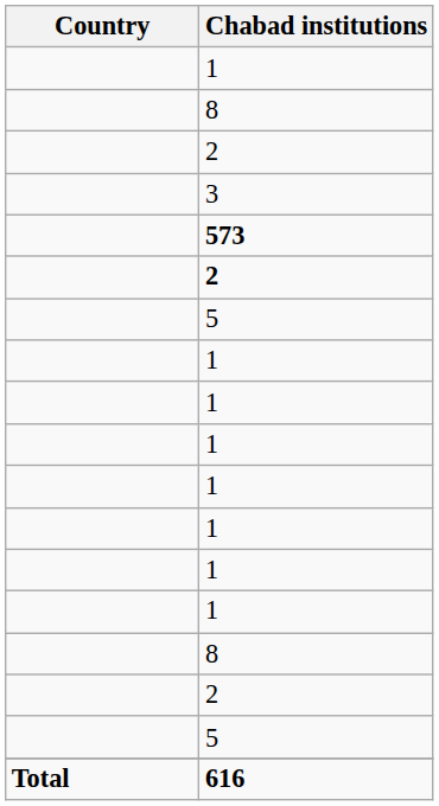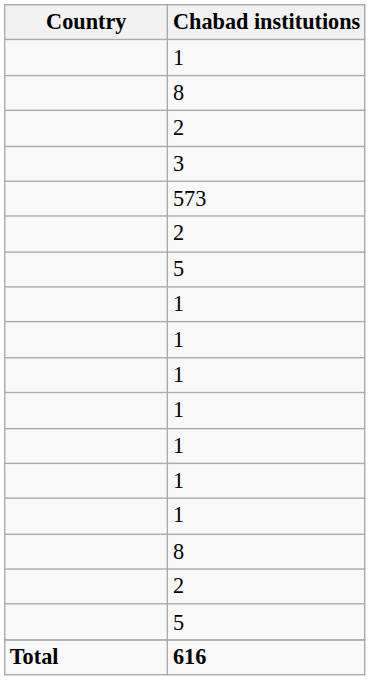 <table class="wikitable sortable">
 <tr>
 <th style="width:110px;">Country</th>
 <th data-sort-type="number">Chabad institutions</th>
 </tr>
 <tr>
 <td style="text-align:left;"></td>
 <td>1</td>
 </tr>
 <tr>
 <td style="text-align:left;"></td>
 <td>8</td>
 </tr>
 <tr>
 <td style="text-align:left;"></td>
 <td>2</td>
 </tr>
 <tr>
 <td style="text-align:left;"></td>
 <td>3</td>
 </tr>
 <tr>
 <td style="text-align:left;"></td>
-<td><strong>573</strong></td>
+<td>573</td>
 </tr>
 <tr>
 <td style="text-align:left;"></td>
-<td><strong>2</strong></td>
+<td>2</td>
 </tr>
 <tr>
 <td style="text-align:left;"></td>
 <td>5</td>
 </tr>
 <tr>
 <td style="text-align:left;"></td>
 <td>1</td>
 </tr>
 <tr>
 <td style="text-align:left;"></td>
 <td>1</td>
 </tr>
 <tr>
 <td style="text-align:left;"></td>
 <td>1</td>
 </tr>
 <tr>
 <td style="text-align:left;"></td>
 <td>1</td>
 </tr>
 <tr>
 <td style="text-align:left;"></td>
 <td>1</td>
 </tr>
 <tr>
 <td style="text-align:left;"></td>
 <td>1</td>
 </tr>
 <tr>
 <td style="text-align:left;"></td>
 <td>1</td>
 </tr>
 <tr>
 <td style="text-align:left;"></td>
 <td>8</td>
 </tr>
 <tr>
 <td style="text-align:left;"></td>
 <td>2</td>
 </tr>
 <tr>
 <td style="text-align:left;"></td>
 <td>5</td>
 </tr>
 <tr>
 </tr>
 <tr class="sortbottom">
 <td><strong>Total</strong></td>
 <td><strong>616</strong></td>
 </tr>
 </table>
